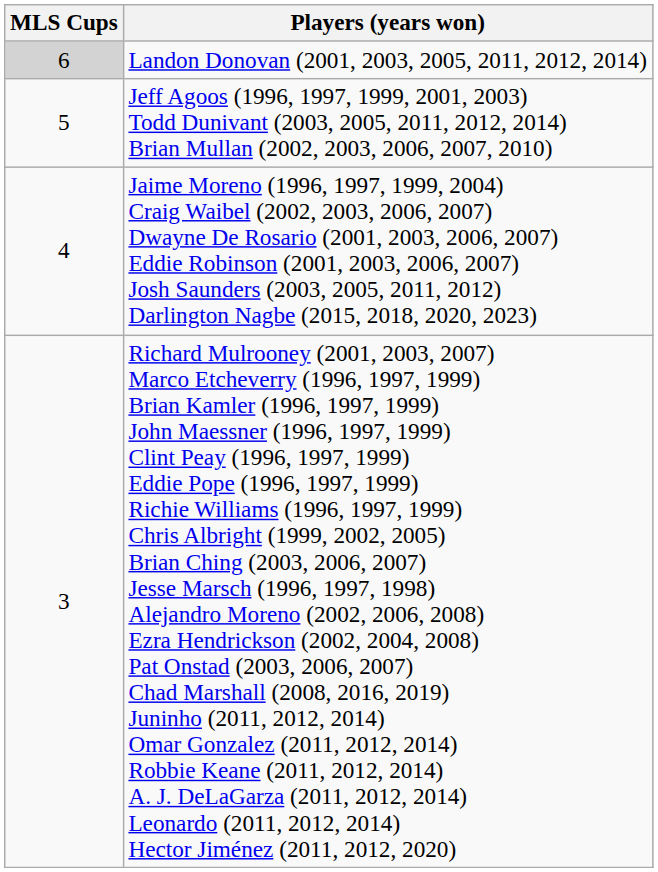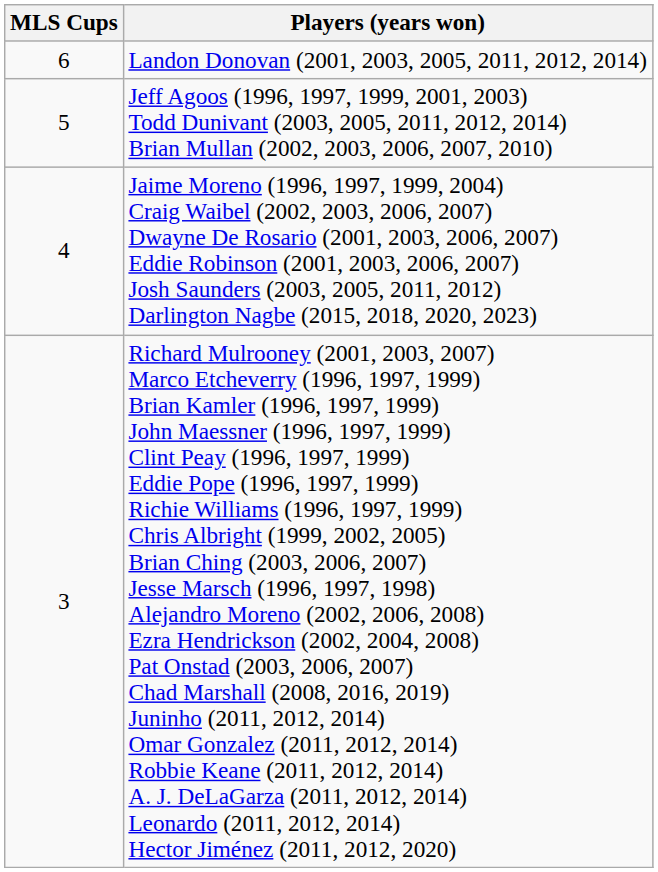 <table class="wikitable sortable">
 <tr>
 <th>MLS Cups</th>
 <th>Players (years won)</th>
 </tr>
 <tr>
-<td style="background: lightgrey; text-align:center">6</td>
+<td style="text-align:center">6</td>
 <td><a href='#'>Landon Donovan</a> (2001, 2003, 2005, 2011, 2012, 2014)</td>
 </tr>
 <tr>
 <td style="text-align:center">5</td>
 <td><a href='#'>Jeff Agoos</a> (1996, 1997, 1999, 2001, 2003)<br><a href='#'>Todd Dunivant</a> (2003, 2005, 2011, 2012, 2014)<br><a href='#'>Brian Mullan</a> (2002, 2003, 2006, 2007, 2010)</td>
 </tr>
 <tr>
 <td style="text-align:center">4</td>
 <td><a href='#'>Jaime Moreno</a> (1996, 1997, 1999, 2004)<br><a href='#'>Craig Waibel</a> (2002, 2003, 2006, 2007)<br><a href='#'>Dwayne De Rosario</a> (2001, 2003, 2006, 2007)<br><a href='#'>Eddie Robinson</a> (2001, 2003, 2006, 2007)<br><a href='#'>Josh Saunders</a> (2003, 2005, 2011, 2012)<br><a href='#'>Darlington Nagbe</a> (2015, 2018, 2020, 2023)</td>
 </tr>
 <tr>
 <td style="text-align:center">3</td>
 <td><a href='#'>Richard Mulrooney</a> (2001, 2003, 2007)<br><a href='#'>Marco Etcheverry</a> (1996, 1997, 1999)<br><a href='#'>Brian Kamler</a> (1996, 1997, 1999)<br><a href='#'>John Maessner</a> (1996, 1997, 1999)<br><a href='#'>Clint Peay</a> (1996, 1997, 1999)<br><a href='#'>Eddie Pope</a> (1996, 1997, 1999)<br><a href='#'>Richie Williams</a> (1996, 1997, 1999)<br><a href='#'>Chris Albright</a> (1999, 2002, 2005)<br><a href='#'>Brian Ching</a> (2003, 2006, 2007)<br><a href='#'>Jesse Marsch</a> (1996, 1997, 1998)<br><a href='#'>Alejandro Moreno</a> (2002, 2006, 2008)<br><a href='#'>Ezra Hendrickson</a> (2002, 2004, 2008)<br><a href='#'>Pat Onstad</a> (2003, 2006, 2007)<br><a href='#'>Chad Marshall</a> (2008, 2016, 2019)<br><a href='#'>Juninho</a> (2011, 2012, 2014)<br><a href='#'>Omar Gonzalez</a> (2011, 2012, 2014)<br><a href='#'>Robbie Keane</a> (2011, 2012, 2014)<br><a href='#'>A. J. DeLaGarza</a> (2011, 2012, 2014)<br><a href='#'>Leonardo</a> (2011, 2012, 2014)<br><a href='#'>Hector Jiménez</a> (2011, 2012, 2020)</td>
 </tr>
 </table>
